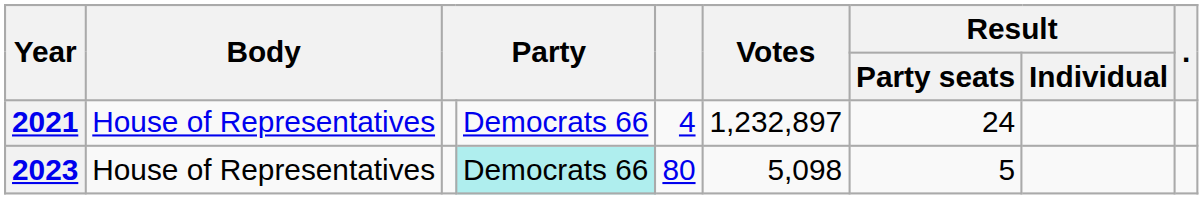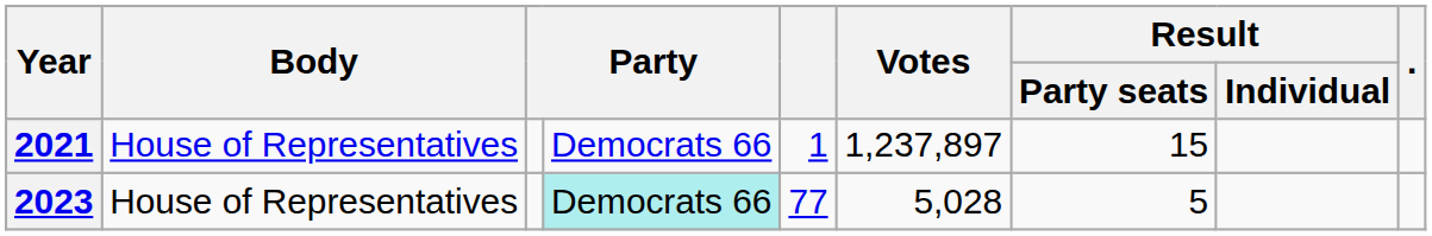 <table class="wikitable plainrowheaders sortable" border=2 cellpadding=4 cellspacing=0 style="border: 1px #aaa solid; font-size: 90%; text-align:center;">
 <tr>
 <th scope="col" rowspan=2>Year</th>
 <th scope="col" rowspan=2>Body</th>
 <th scope="col" colspan=2 rowspan=2>Party</th>
 <th scope="col" rowspan=2></th>
 <th scope="col" rowspan=2>Votes</th>
 <th scope="colgroup" colspan=2>Result</th>
 <th scope="col" rowspan=2 class="unsortable">.</th>
 </tr>
 <tr>
 <th scope="col">Party seats</th>
 <th scope="col">Individual</th>
 </tr>
 <tr>
 <th scope="row"><a href='#'>2021</a></th>
 <td><a href='#'>House of Representatives</a></td>
 <td style="background-color:"></td>
 <td><a href='#'>Democrats 66</a></td>
-<td style=text-align:right><a href='#'>4</a></td>
-<td style=text-align:right>1,232,897</td>
-<td style=text-align:right>24</td>
+<td style=text-align:right><a href='#'>1</a></td>
+<td style=text-align:right>1,237,897</td>
+<td style=text-align:right>15</td>
 <td></td>
 <td></td>
 </tr>
 <tr>
 <th scope="row"><a href='#'>2023</a></th>
 <td>House of Representatives</td>
 <td style="background-color:"></td>
 <td style="background: paleturquoise;">Democrats 66</td>
-<td style=text-align:right><a href='#'>80</a></td>
-<td style=text-align:right>5,098</td>
+<td style=text-align:right><a href='#'>77</a></td>
+<td style=text-align:right>5,028</td>
 <td style=text-align:right>5</td>
 <td></td>
 <td></td>
 </tr>
 </table>
